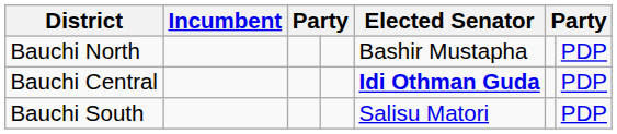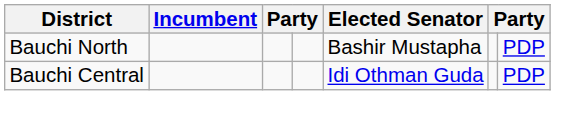 <table class="sortable wikitable" style="font-size:95%;line-height:14px;">
 <tr>
 <th class="unsortable">District</th>
 <th class="unsortable"><a href='#'>Incumbent</a></th>
 <th colspan="2">Party</th>
 <th class="unsortable">Elected Senator</th>
 <th colspan="2">Party</th>
 </tr>
 <tr>
 <td>Bauchi North</td>
 <td></td>
 <td></td>
 <td></td>
 <td>Bashir Mustapha</td>
 <td style="background:"></td>
 <td><a href='#'>PDP</a></td>
 </tr>
 <tr>
 <td>Bauchi Central</td>
 <td></td>
 <td></td>
 <td></td>
-<td><strong><a href='#'>Idi Othman Guda</a></strong></td>
-<td style="background:"></td>
-<td><a href='#'>PDP</a></td>
-</tr>
-<tr>
-<td>Bauchi South</td>
-<td></td>
-<td></td>
-<td></td>
-<td><a href='#'>Salisu Matori</a></td>
+<td><a href='#'>Idi Othman Guda</a></td>
 <td style="background:"></td>
 <td><a href='#'>PDP</a></td>
 </tr>
 </table>
